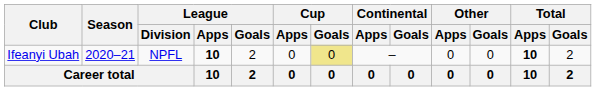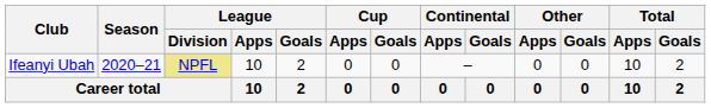 <table class="wikitable" style="text-align: center">
 <tr>
 <th rowspan="2">Club</th>
 <th rowspan="2">Season</th>
 <th colspan="3">League</th>
 <th colspan="2">Cup</th>
 <th colspan="2">Continental</th>
 <th colspan="2">Other</th>
 <th colspan="2">Total</th>
 </tr>
 <tr>
 <th>Division</th>
 <th>Apps</th>
 <th>Goals</th>
 <th>Apps</th>
 <th>Goals</th>
 <th>Apps</th>
 <th>Goals</th>
 <th>Apps</th>
 <th>Goals</th>
 <th>Apps</th>
 <th>Goals</th>
 </tr>
 <tr>
 <td><a href='#'>Ifeanyi Ubah</a></td>
 <td><a href='#'>2020–21</a></td>
-<td><a href='#'>NPFL</a></td>
-<td><strong>10</strong></td>
+<td style="background: khaki;"><a href='#'>NPFL</a></td>
+<td>10</td>
 <td>2</td>
 <td>0</td>
-<td style="background: khaki;">0</td>
+<td>0</td>
 <td colspan="2">–</td>
 <td>0</td>
 <td>0</td>
-<td><strong>10</strong></td>
+<td>10</td>
 <td>2</td>
 </tr>
 <tr>
 <th colspan="3"><strong>Career total</strong></th>
 <th>10</th>
 <th>2</th>
 <th>0</th>
 <th>0</th>
 <th>0</th>
 <th>0</th>
 <th>0</th>
 <th>0</th>
 <th>10</th>
 <th>2</th>
 </tr>
 </table>
